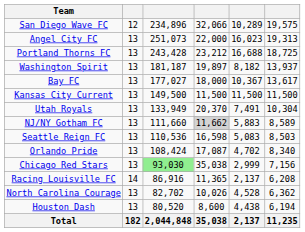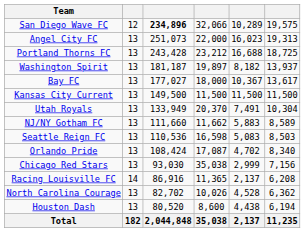 <table class="wikitable sortable" style="font-size: 95%;text-align: center;">
 <tr>
 <th scope="col">Team</th>
 <th scope="col"></th>
 <th scope="col"></th>
 <th scope="col"></th>
 <th scope="col"></th>
 <th scope="col"></th>
 </tr>
 <tr>
 <td><a href='#'>San Diego Wave FC</a></td>
 <td>12</td>
-<td>234,896</td>
+<td><strong>234,896</strong></td>
 <td>32,066</td>
 <td>10,289</td>
 <td>19,575</td>
 </tr>
 <tr>
 <td><a href='#'>Angel City FC</a></td>
 <td>13</td>
 <td>251,073</td>
 <td>22,000</td>
 <td>16,023</td>
 <td>19,313</td>
 </tr>
 <tr>
 <td><a href='#'>Portland Thorns FC</a></td>
 <td>13</td>
 <td>243,428</td>
 <td>23,212</td>
 <td>16,688</td>
 <td>18,725</td>
 </tr>
 <tr>
 <td><a href='#'>Washington Spirit</a></td>
 <td>13</td>
 <td>181,187</td>
 <td>19,897</td>
 <td>8,182</td>
 <td>13,937</td>
 </tr>
 <tr>
 <td><a href='#'>Bay FC</a></td>
 <td>13</td>
 <td>177,027</td>
 <td>18,000</td>
 <td>10,367</td>
 <td>13,617</td>
 </tr>
 <tr>
 <td><a href='#'>Kansas City Current</a></td>
 <td>13</td>
 <td>149,500</td>
 <td>11,500</td>
 <td>11,500</td>
 <td>11,500</td>
 </tr>
 <tr>
 <td><a href='#'>Utah Royals</a></td>
 <td>13</td>
 <td>133,949</td>
 <td>20,370</td>
 <td>7,491</td>
 <td>10,304</td>
 </tr>
 <tr>
 <td><a href='#'>NJ/NY Gotham FC</a></td>
 <td>13</td>
 <td>111,660</td>
-<td style="background: lightgrey;">11,662</td>
+<td>11,662</td>
 <td>5,883</td>
 <td>8,589</td>
 </tr>
 <tr>
 <td><a href='#'>Seattle Reign FC</a></td>
 <td>13</td>
 <td>110,536</td>
 <td>16,598</td>
 <td>5,083</td>
 <td>8,503</td>
 </tr>
 <tr>
 <td><a href='#'>Orlando Pride</a></td>
 <td>13</td>
 <td>108,424</td>
 <td>17,087</td>
 <td>4,702</td>
 <td>8,340</td>
 </tr>
 <tr>
 <td><a href='#'>Chicago Red Stars</a></td>
 <td>13</td>
-<td style="background: lightgreen;">93,030</td>
+<td>93,030</td>
 <td>35,038</td>
 <td>2,999</td>
 <td>7,156</td>
 </tr>
 <tr>
 <td><a href='#'>Racing Louisville FC</a></td>
 <td>14</td>
 <td>86,916</td>
 <td>11,365</td>
 <td>2,137</td>
 <td>6,208</td>
 </tr>
 <tr>
 <td><a href='#'>North Carolina Courage</a></td>
 <td>13</td>
 <td>82,702</td>
 <td>10,026</td>
 <td>4,528</td>
 <td>6,362</td>
 </tr>
 <tr>
 <td><a href='#'>Houston Dash</a></td>
 <td>13</td>
 <td>80,520</td>
 <td>8,600</td>
 <td>4,438</td>
 <td>6,194</td>
 </tr>
 <tr>
 <th scope="row">Total</th>
 <th>182</th>
 <th>2,044,848</th>
 <th>35,038</th>
 <th>2,137</th>
 <th>11,235</th>
 </tr>
 </table>
